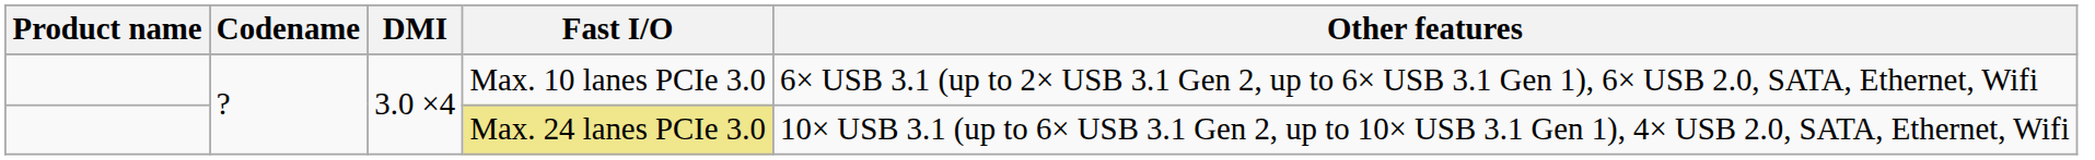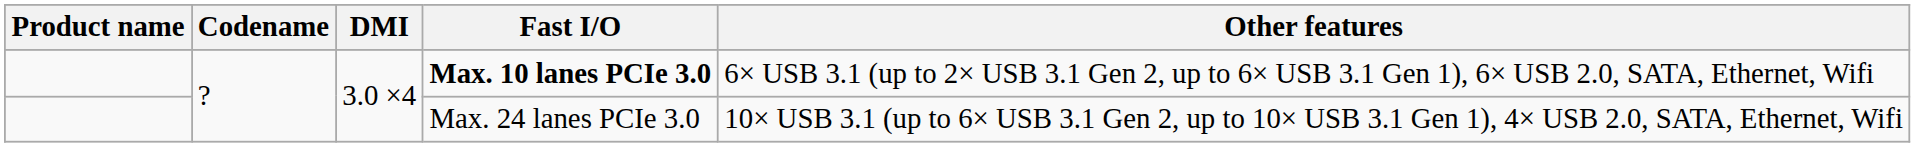 <table class="wikitable">
 <tr>
 <th>Product name</th>
 <th>Codename</th>
 <th>DMI</th>
 <th>Fast I/O</th>
 <th>Other features</th>
 </tr>
 <tr>
 <td></td>
 <td rowspan=2>?</td>
 <td rowspan=2>3.0 ×4</td>
-<td>Max. 10 lanes PCIe 3.0</td>
+<td><strong>Max. 10 lanes PCIe 3.0</strong></td>
 <td>6× USB 3.1 (up to 2× USB 3.1 Gen 2, up to 6× USB 3.1 Gen 1), 6× USB 2.0, SATA, Ethernet, Wifi</td>
 </tr>
 <tr>
 <td></td>
-<td style="background: khaki;">Max. 24 lanes PCIe 3.0</td>
+<td>Max. 24 lanes PCIe 3.0</td>
 <td>10× USB 3.1 (up to 6× USB 3.1 Gen 2, up to 10× USB 3.1 Gen 1), 4× USB 2.0, SATA, Ethernet, Wifi</td>
 </tr>
 </table>
